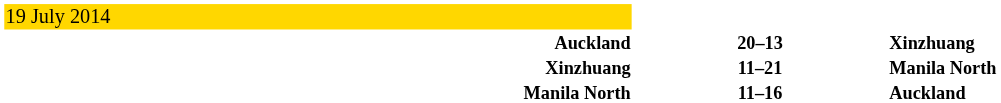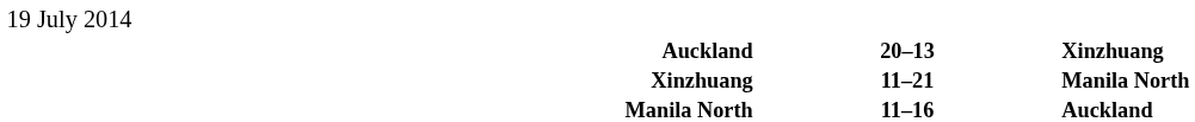 <table style="width:100%;" cellspacing="1">
 <tr>
 <th width=25%></th>
 <th width=2%></th>
 <th width=6%></th>
 <th width=2%></th>
 <th width=25%></th>
 </tr>
 <tr>
-<td style="background: gold;">19 July 2014</td>
+<td>19 July 2014</td>
 </tr>
 <tr style=font-size:90%>
 <td align=right><strong>Auckland </strong></td>
 <td></td>
 <td align=center><strong>20–13</strong></td>
 <td></td>
 <td><strong> Xinzhuang</strong></td>
 <td></td>
 </tr>
 <tr style=font-size:90%>
 <td align=right><strong>Xinzhuang </strong></td>
 <td></td>
 <td align=center><strong>11–21</strong></td>
 <td></td>
 <td><strong> Manila North</strong></td>
 <td></td>
 </tr>
 <tr style=font-size:90%>
 <td align=right><strong>Manila North </strong></td>
 <td></td>
 <td align=center><strong>11–16</strong></td>
 <td></td>
 <td><strong> Auckland</strong></td>
 <td></td>
 </tr>
 </table>
